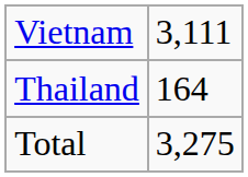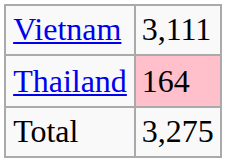 <table class="wikitable" border="1" style="float: right; margin:0 1em 0.5em 1em;">
 <tr>
 <td><a href='#'>Vietnam</a></td>
 <td>3,111</td>
 </tr>
 <tr>
 <td><a href='#'>Thailand</a></td>
-<td>164</td>
+<td style="background: pink;">164</td>
 </tr>
 <tr>
 <td>Total</td>
 <td>3,275</td>
 </tr>
 </table>
